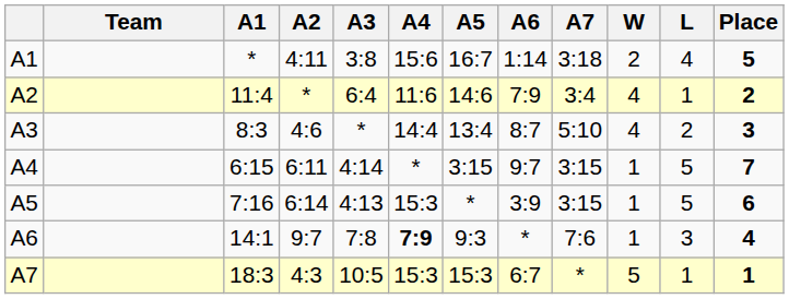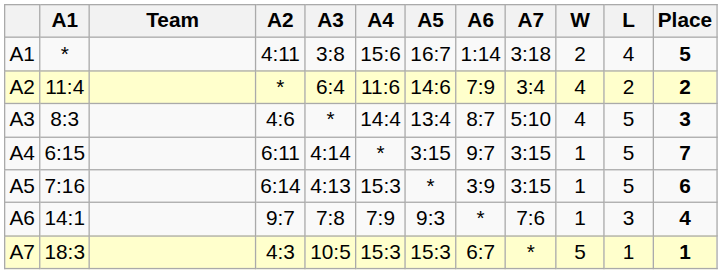 <table class="wikitable" style="text-align:center;">
 <tr>
 <th></th>
+<th width="25">A1</th>
 <th width="120">Team</th>
-<th width="25">A1</th>
 <th width="25">A2</th>
 <th width="25">A3</th>
 <th width="25">A4</th>
 <th width="25">A5</th>
 <th width="25">A6</th>
 <th width="25">A7</th>
 <th width="30">W</th>
 <th width="30">L</th>
 <th>Place</th>
 </tr>
 <tr>
 <td>A1</td>
+<td>*</td>
 <td align="left"></td>
-<td>*</td>
 <td>4:11</td>
 <td>3:8</td>
 <td>15:6</td>
 <td>16:7</td>
 <td>1:14</td>
 <td>3:18</td>
 <td>2</td>
 <td>4</td>
 <td><strong>5</strong></td>
 </tr>
 <tr bgcolor="#ffffcc">
 <td>A2</td>
+<td>11:4</td>
 <td align="left"></td>
-<td>11:4</td>
 <td>*</td>
 <td>6:4</td>
 <td>11:6</td>
 <td>14:6</td>
 <td>7:9</td>
 <td>3:4</td>
 <td>4</td>
-<td>1</td>
+<td>2</td>
 <td><strong>2</strong></td>
 </tr>
 <tr>
 <td>A3</td>
+<td>8:3</td>
 <td align="left"></td>
-<td>8:3</td>
 <td>4:6</td>
 <td>*</td>
 <td>14:4</td>
 <td>13:4</td>
 <td>8:7</td>
 <td>5:10</td>
 <td>4</td>
-<td>2</td>
+<td>5</td>
 <td><strong>3</strong></td>
 </tr>
 <tr>
 <td>A4</td>
+<td>6:15</td>
 <td align="left"></td>
-<td>6:15</td>
 <td>6:11</td>
 <td>4:14</td>
 <td>*</td>
 <td>3:15</td>
 <td>9:7</td>
 <td>3:15</td>
 <td>1</td>
 <td>5</td>
 <td><strong>7</strong></td>
 </tr>
 <tr>
 <td>A5</td>
+<td>7:16</td>
 <td align="left"></td>
-<td>7:16</td>
 <td>6:14</td>
 <td>4:13</td>
 <td>15:3</td>
 <td>*</td>
 <td>3:9</td>
 <td>3:15</td>
 <td>1</td>
 <td>5</td>
 <td><strong>6</strong></td>
 </tr>
 <tr>
 <td>A6</td>
+<td>14:1</td>
 <td align="left"></td>
-<td>14:1</td>
 <td>9:7</td>
 <td>7:8</td>
-<td><strong>7:9</strong></td>
+<td>7:9</td>
 <td>9:3</td>
 <td>*</td>
 <td>7:6</td>
 <td>1</td>
 <td>3</td>
 <td><strong>4</strong></td>
 </tr>
 <tr bgcolor="#ffffcc">
 <td>A7</td>
+<td>18:3</td>
 <td align="left"></td>
-<td>18:3</td>
 <td>4:3</td>
 <td>10:5</td>
 <td>15:3</td>
 <td>15:3</td>
 <td>6:7</td>
 <td>*</td>
 <td>5</td>
 <td>1</td>
 <td><strong>1</strong></td>
 </tr>
 </table>
